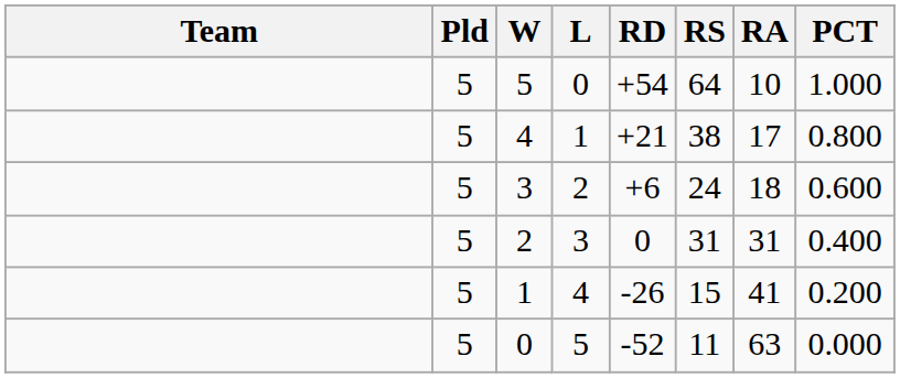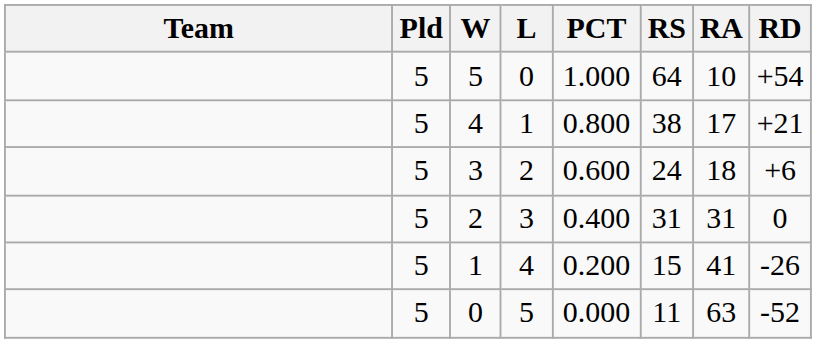 <table class=wikitable style="text-align:center">
 <tr>
 <th width=200>Team</th>
 <th width=20>Pld</th>
 <th width=20>W</th>
 <th width=20>L</th>
-<th width=20>RD</th>
+<th width=40>PCT</th>
 <th width=20>RS</th>
 <th width=20>RA</th>
-<th width=40>PCT</th>
+<th width=20>RD</th>
 </tr>
 <tr>
 <td align=left><strong></strong></td>
 <td>5</td>
 <td>5</td>
 <td>0</td>
-<td>+54</td>
+<td>1.000</td>
 <td>64</td>
 <td>10</td>
-<td>1.000</td>
+<td>+54</td>
 </tr>
 <tr>
 <td align=left><strong></strong></td>
 <td>5</td>
 <td>4</td>
 <td>1</td>
-<td>+21</td>
+<td>0.800</td>
 <td>38</td>
 <td>17</td>
-<td>0.800</td>
+<td>+21</td>
 </tr>
 <tr>
 <td align=left><strong></strong></td>
 <td>5</td>
 <td>3</td>
 <td>2</td>
-<td>+6</td>
+<td>0.600</td>
 <td>24</td>
 <td>18</td>
-<td>0.600</td>
+<td>+6</td>
 </tr>
 <tr>
 <td align=left><strong></strong></td>
 <td>5</td>
 <td>2</td>
 <td>3</td>
-<td>0</td>
+<td>0.400</td>
 <td>31</td>
 <td>31</td>
-<td>0.400</td>
+<td>0</td>
 </tr>
 <tr>
 <td align=left></td>
 <td>5</td>
 <td>1</td>
 <td>4</td>
-<td>-26</td>
+<td>0.200</td>
 <td>15</td>
 <td>41</td>
-<td>0.200</td>
+<td>-26</td>
 </tr>
 <tr>
 <td align=left></td>
 <td>5</td>
 <td>0</td>
 <td>5</td>
-<td>-52</td>
+<td>0.000</td>
 <td>11</td>
 <td>63</td>
-<td>0.000</td>
+<td>-52</td>
 </tr>
 </table>
